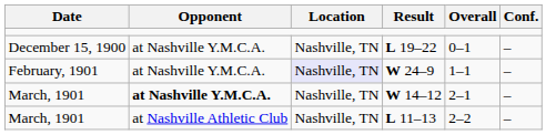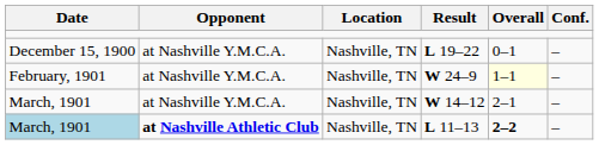 <table class="wikitable">
 <tr>
 <th>Date</th>
 <th>Opponent</th>
 <th>Location</th>
 <th>Result</th>
 <th>Overall</th>
 <th>Conf.</th>
 </tr>
 <tr>
 <td colspan="7"></td>
 </tr>
 <tr>
 <td>December 15, 1900</td>
 <td>at Nashville Y.M.C.A.</td>
 <td>Nashville, TN</td>
 <td><strong>L</strong> 19–22</td>
 <td>0–1</td>
 <td>–</td>
 </tr>
 <tr>
 <td>February, 1901</td>
 <td>at Nashville Y.M.C.A.</td>
-<td style="background: lavender;">Nashville, TN</td>
+<td>Nashville, TN</td>
 <td><strong>W</strong> 24–9</td>
-<td>1–1</td>
+<td style="background: lightyellow;">1–1</td>
 <td>–</td>
 </tr>
 <tr>
 <td>March, 1901</td>
-<td><strong>at Nashville Y.M.C.A.</strong></td>
+<td>at Nashville Y.M.C.A.</td>
 <td>Nashville, TN</td>
 <td><strong>W</strong> 14–12</td>
 <td>2–1</td>
 <td>–</td>
 </tr>
 <tr>
-<td>March, 1901</td>
-<td>at <a href='#'>Nashville Athletic Club</a></td>
+<td style="background: lightblue;">March, 1901</td>
+<td><strong>at <a href='#'>Nashville Athletic Club</a></strong></td>
 <td>Nashville, TN</td>
 <td><strong>L</strong> 11–13</td>
-<td>2–2</td>
+<td><strong>2–2</strong></td>
 <td>–</td>
 </tr>
 </table>
